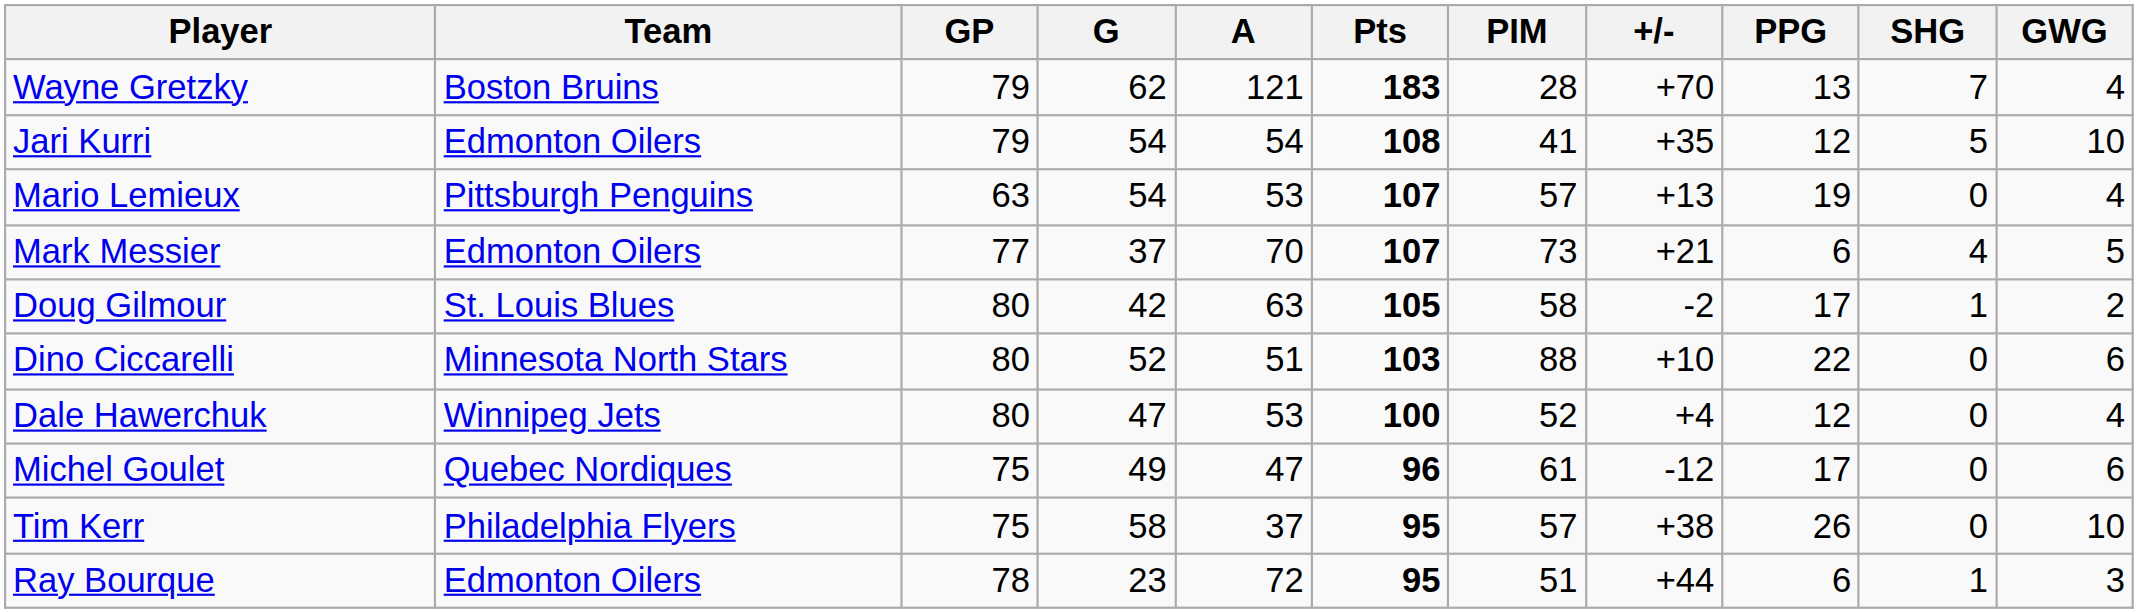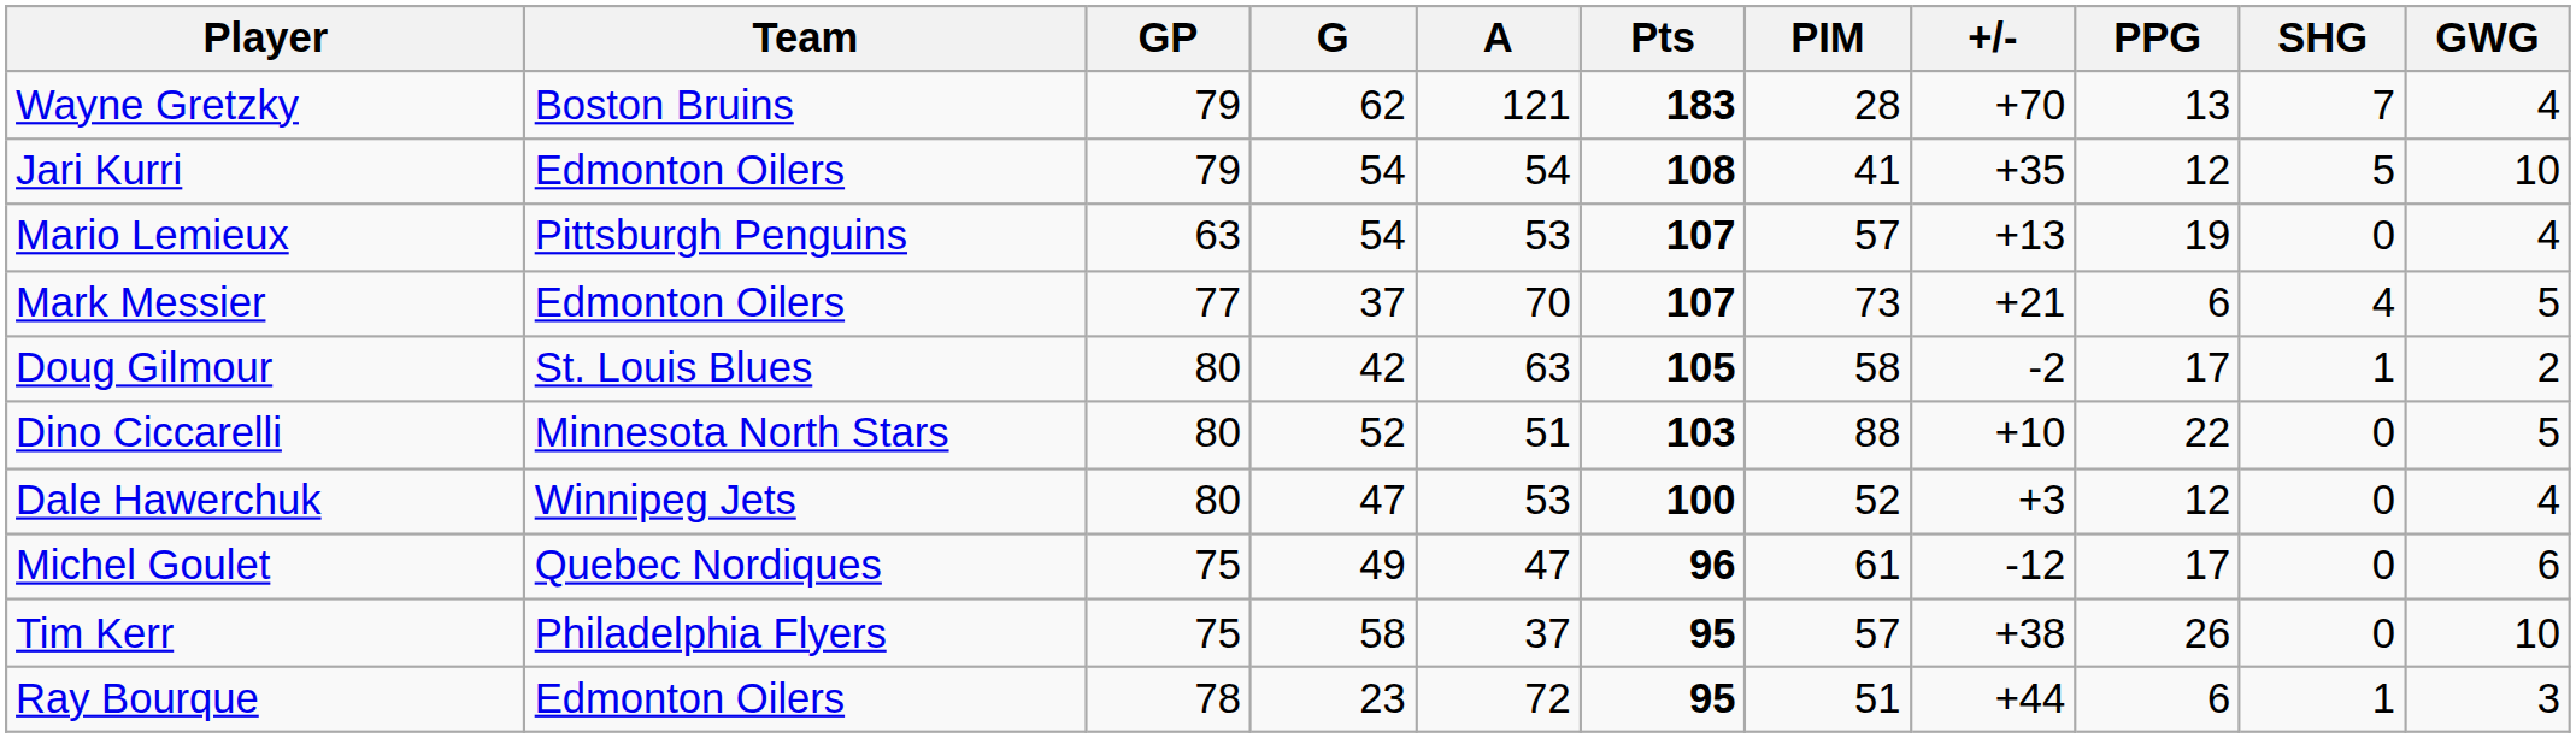 <table class="wikitable">
 <tr>
 <th style="align:left; width: 12em;">Player</th>
 <th style="align:left; width: 13em;">Team</th>
 <th style="width: 3.5em;">GP</th>
 <th style="width: 3.5em;">G</th>
 <th style="width: 3.5em;">A</th>
 <th style="width: 3.5em;">Pts</th>
 <th style="width: 3.5em;">PIM</th>
 <th style="width: 3.5em;">+/-</th>
 <th style="width: 3.5em;">PPG</th>
 <th style="width: 3.5em;">SHG</th>
 <th style="width: 3.5em;">GWG</th>
 </tr>
 <tr align="right">
 <td align="left"><a href='#'>Wayne Gretzky</a></td>
 <td align="left"><a href='#'>Boston Bruins</a></td>
 <td>79</td>
 <td>62</td>
 <td>121</td>
 <td><strong>183</strong></td>
 <td>28</td>
 <td>+70</td>
 <td>13</td>
 <td>7</td>
 <td>4</td>
 </tr>
 <tr align="right">
 <td align="left"><a href='#'>Jari Kurri</a></td>
 <td align="left"><a href='#'>Edmonton Oilers</a></td>
 <td>79</td>
 <td>54</td>
 <td>54</td>
 <td><strong>108</strong></td>
 <td>41</td>
 <td>+35</td>
 <td>12</td>
 <td>5</td>
 <td>10</td>
 </tr>
 <tr align="right">
 <td align="left"><a href='#'>Mario Lemieux</a></td>
 <td align="left"><a href='#'>Pittsburgh Penguins</a></td>
 <td>63</td>
 <td>54</td>
 <td>53</td>
 <td><strong>107</strong></td>
 <td>57</td>
 <td>+13</td>
 <td>19</td>
 <td>0</td>
 <td>4</td>
 </tr>
 <tr align="right">
 <td align="left"><a href='#'>Mark Messier</a></td>
 <td align="left"><a href='#'>Edmonton Oilers</a></td>
 <td>77</td>
 <td>37</td>
 <td>70</td>
 <td><strong>107</strong></td>
 <td>73</td>
 <td>+21</td>
 <td>6</td>
 <td>4</td>
 <td>5</td>
 </tr>
 <tr align="right">
 <td align="left"><a href='#'>Doug Gilmour</a></td>
 <td align="left"><a href='#'>St. Louis Blues</a></td>
 <td>80</td>
 <td>42</td>
 <td>63</td>
 <td><strong>105</strong></td>
 <td>58</td>
 <td>-2</td>
 <td>17</td>
 <td>1</td>
 <td>2</td>
 </tr>
 <tr align="right">
 <td align="left"><a href='#'>Dino Ciccarelli</a></td>
 <td align="left"><a href='#'>Minnesota North Stars</a></td>
 <td>80</td>
 <td>52</td>
 <td>51</td>
 <td><strong>103</strong></td>
 <td>88</td>
 <td>+10</td>
 <td>22</td>
 <td>0</td>
-<td>6</td>
+<td>5</td>
 </tr>
 <tr align="right">
 <td align="left"><a href='#'>Dale Hawerchuk</a></td>
 <td align="left"><a href='#'>Winnipeg Jets</a></td>
 <td>80</td>
 <td>47</td>
 <td>53</td>
 <td><strong>100</strong></td>
 <td>52</td>
-<td>+4</td>
+<td>+3</td>
 <td>12</td>
 <td>0</td>
 <td>4</td>
 </tr>
 <tr align="right">
 <td align="left"><a href='#'>Michel Goulet</a></td>
 <td align="left"><a href='#'>Quebec Nordiques</a></td>
 <td>75</td>
 <td>49</td>
 <td>47</td>
 <td><strong>96</strong></td>
 <td>61</td>
 <td>-12</td>
 <td>17</td>
 <td>0</td>
 <td>6</td>
 </tr>
 <tr align="right">
 <td align="left"><a href='#'>Tim Kerr</a></td>
 <td align="left"><a href='#'>Philadelphia Flyers</a></td>
 <td>75</td>
 <td>58</td>
 <td>37</td>
 <td><strong>95</strong></td>
 <td>57</td>
 <td>+38</td>
 <td>26</td>
 <td>0</td>
 <td>10</td>
 </tr>
 <tr align="right">
 <td align="left"><a href='#'>Ray Bourque</a></td>
 <td align="left"><a href='#'>Edmonton Oilers</a></td>
 <td>78</td>
 <td>23</td>
 <td>72</td>
 <td><strong>95</strong></td>
 <td>51</td>
 <td>+44</td>
 <td>6</td>
 <td>1</td>
 <td>3</td>
 </tr>
 </table>
